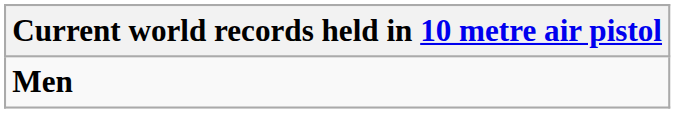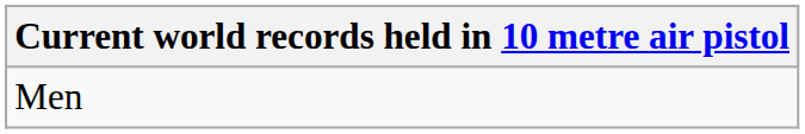 <table class="wikitable" style="font-size: 95%">
 <tr>
 <th colspan=9>Current world records held in <a href='#'>10 metre air pistol</a></th>
 </tr>
 <tr>
-<td><strong>Men<br></strong></td>
+<td>Men<br></td>
 </tr>
 </table>
